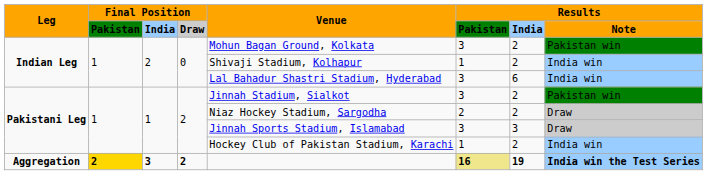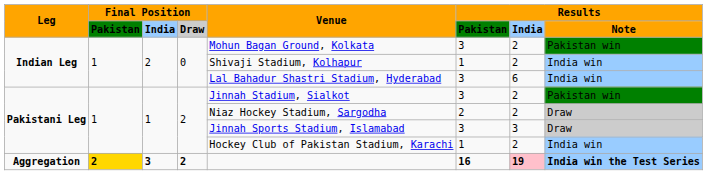 <table class="wikitable">
 <tr>
 <th style="background:orange;" rowspan=2>Leg</th>
 <th style="background:orange;" colspan=3>Final Position</th>
 <th style="background:orange;" rowspan=2>Venue</th>
 <th style="background:orange;" colspan=3>Results</th>
 </tr>
 <tr>
 <th style="background:green;"> Pakistan</th>
 <th style="background:#9cf;"> India</th>
 <th style="background:#ccc;">Draw</th>
 <th style="background:green;"> Pakistan</th>
 <th style="background:#9cf;"> India</th>
 <th style="background:orange;">Note</th>
 </tr>
 <tr>
 <td style=text-align:center; rowspan=3><strong>Indian Leg</strong></td>
 <td rowspan=3>1</td>
 <td rowspan=3>2</td>
 <td rowspan=3>0</td>
 <td> <a href='#'>Mohun Bagan Ground</a>, <a href='#'>Kolkata</a></td>
 <td>3</td>
 <td>2</td>
 <td style="background:green;"> Pakistan win</td>
 </tr>
 <tr>
 <td> Shivaji Stadium, <a href='#'>Kolhapur</a></td>
 <td>1</td>
 <td>2</td>
 <td style="background:#9cf;"> India win</td>
 </tr>
 <tr>
 <td> <a href='#'>Lal Bahadur Shastri Stadium</a>, <a href='#'>Hyderabad</a></td>
 <td>3</td>
 <td>6</td>
 <td style="background:#9cf;"> India win</td>
 </tr>
 <tr>
 <td style=text-align:center; rowspan=4><strong>Pakistani Leg</strong></td>
 <td rowspan=4>1</td>
 <td rowspan=4>1</td>
 <td rowspan=4>2</td>
 <td> <a href='#'>Jinnah Stadium</a>, <a href='#'>Sialkot</a></td>
 <td>3</td>
 <td>2</td>
 <td style="background:green;"> Pakistan win</td>
 </tr>
 <tr>
 <td> Niaz Hockey Stadium, <a href='#'>Sargodha</a></td>
 <td>2</td>
 <td>2</td>
 <td style="background:#ccc;">Draw</td>
 </tr>
 <tr>
 <td> <a href='#'>Jinnah Sports Stadium</a>, <a href='#'>Islamabad</a></td>
 <td>3</td>
 <td>3</td>
 <td style="background:#ccc;">Draw</td>
 </tr>
 <tr>
 <td> Hockey Club of Pakistan Stadium, <a href='#'>Karachi</a></td>
 <td>1</td>
 <td>2</td>
 <td style="background:#9cf;"> India win</td>
 </tr>
 <tr>
 <td style=text-align:center;><strong>Aggregation</strong></td>
 <td style="background: gold;"><strong>2</strong></td>
 <td><strong>3</strong></td>
 <td><strong>2</strong></td>
 <td></td>
-<td style="background: khaki;"><strong>16</strong></td>
-<td><strong>19</strong></td>
+<td><strong>16</strong></td>
+<td style="background: pink;"><strong>19</strong></td>
 <td style="background:#9cf;"> <strong>India win the Test Series</strong></td>
 </tr>
 </table>
